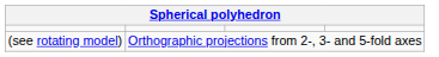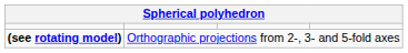 <table class="wikitable collapsible collapsed" style="text-align: center;">
 <tr>
 <th colspan="4"><a href='#'>Spherical polyhedron</a></th>
 </tr>
 <tr valign=top>
 <td></td>
 <td></td>
 <td></td>
 <td></td>
 </tr>
 <tr>
-<td>(see <a href='#'>rotating model</a>)</td>
+<td><strong>(see <a href='#'>rotating model</a>)</strong></td>
 <td colspan="3"><a href='#'>Orthographic projections</a> from 2-, 3- and 5-fold axes</td>
 </tr>
 </table>
